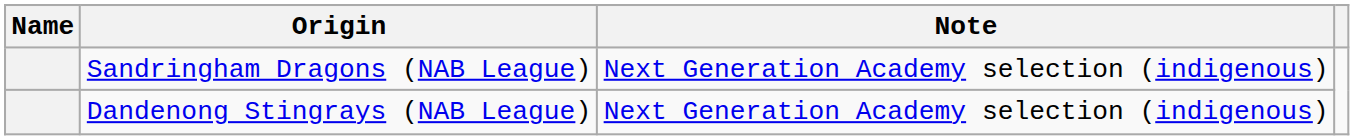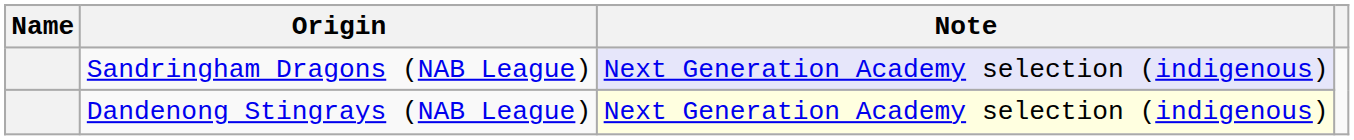 <table class="wikitable sortable plainrowheaders" style="text-align:center;">
 <tr>
 <th scope="col">Name</th>
 <th scope="col">Origin</th>
 <th scope="col">Note</th>
 <th class="unsortable"></th>
 </tr>
 <tr>
 <th scope="row"></th>
 <td><a href='#'>Sandringham Dragons</a> (<a href='#'>NAB League</a>)</td>
-<td><a href='#'>Next Generation Academy</a> selection (<a href='#'>indigenous</a>)</td>
+<td style="background: lavender;"><a href='#'>Next Generation Academy</a> selection (<a href='#'>indigenous</a>)</td>
 <td rowspan=2></td>
 </tr>
 <tr>
 <th scope="row"></th>
 <td><a href='#'>Dandenong Stingrays</a> (<a href='#'>NAB League</a>)</td>
-<td><a href='#'>Next Generation Academy</a> selection (<a href='#'>indigenous</a>)</td>
+<td style="background: lightyellow;"><a href='#'>Next Generation Academy</a> selection (<a href='#'>indigenous</a>)</td>
 </tr>
 </table>
